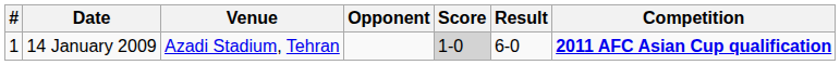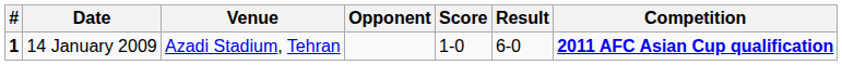 <table class="wikitable">
 <tr>
 <th>#</th>
 <th>Date</th>
 <th>Venue</th>
 <th>Opponent</th>
 <th>Score</th>
 <th>Result</th>
 <th>Competition</th>
 </tr>
 <tr>
-<td>1</td>
+<td><strong>1</strong></td>
 <td>14 January 2009</td>
 <td><a href='#'>Azadi Stadium</a>, <a href='#'>Tehran</a></td>
 <td></td>
-<td style="background: lightgrey;">1-0</td>
+<td>1-0</td>
 <td>6-0</td>
 <td><strong><a href='#'>2011 AFC Asian Cup qualification</a></strong></td>
 </tr>
 <tr>
 </tr>
 </table>
